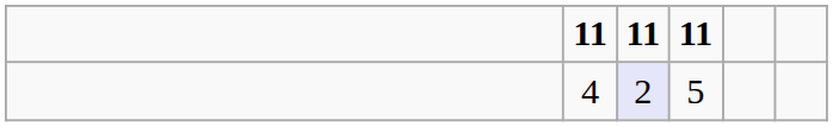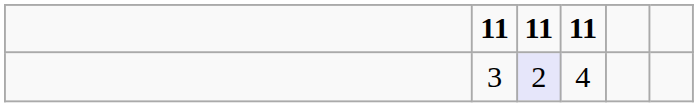 <table class="wikitable">
 <tr>
 <td style="width:15em"></td>
 <td align=center style="width:1em"><strong>11</strong></td>
 <td align=center style="width:1em"><strong>11</strong></td>
 <td align=center style="width:1em"><strong>11</strong></td>
 <td align=center style="width:1em"></td>
 <td align=center style="width:1em"></td>
 </tr>
 <tr>
 <td style="width:15em"></td>
+<td align=center style="width:1em">3</td>
+<td align=center style="background: lavender; width:1em">2</td>
 <td align=center style="width:1em">4</td>
-<td align=center style="background: lavender; width:1em">2</td>
-<td align=center style="width:1em">5</td>
 <td align=center style="width:1em"></td>
 <td align=center style="width:1em"></td>
 </tr>
 </table>
